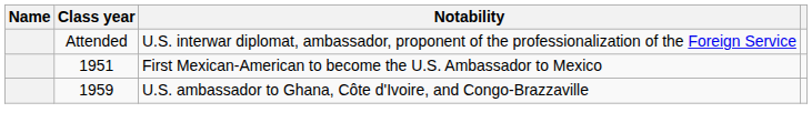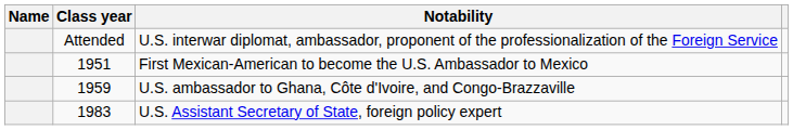 <table class="wikitable sortable plainrowheaders" style="text-align:center; border:2px solid #">
 <tr>
 <th scope="col">Name</th>
 <th scope="col">Class year</th>
 <th scope="col">Notability</th>
 <th scope="col"></th>
 </tr>
 <tr>
 <th scope="row"></th>
 <td>Attended </td>
 <td style="text-align:left;">U.S. interwar diplomat, ambassador, proponent of the professionalization of the <a href='#'>Foreign Service</a></td>
 <td><br></td>
 </tr>
 <tr>
 <th scope="row"></th>
 <td>1951</td>
 <td style="text-align:left;">First Mexican-American to become the U.S. Ambassador to Mexico</td>
 <td></td>
 </tr>
 <tr>
 <th scope="row"></th>
 <td>1959</td>
 <td style="text-align:left;">U.S. ambassador to Ghana, Côte d'Ivoire, and Congo-Brazzaville</td>
 <td></td>
 </tr>
+<tr>
+<th scope="row"></th>
+<td>1983</td>
+<td style="text-align:left;">U.S. <a href='#'>Assistant Secretary of State</a>, foreign policy expert</td>
+<td></td>
+</tr>
 </table>
